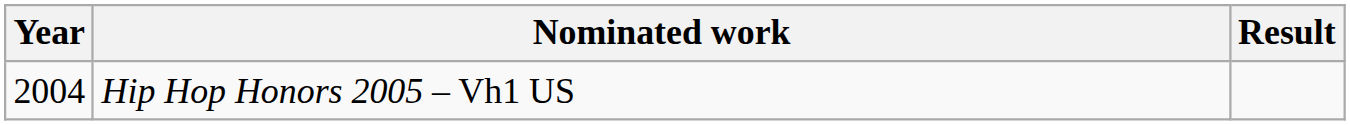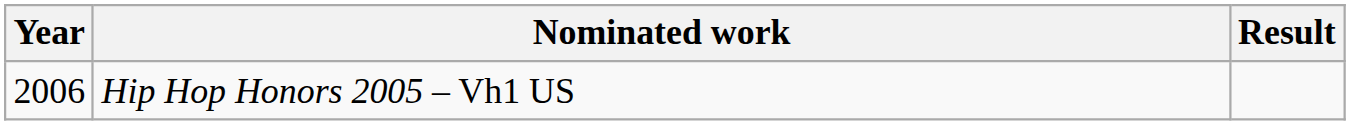 <table class="wikitable sortable plainrowheaders" style="margin-right: 0;">
 <tr>
 <th width="30”">Year</th>
 <th width="500">Nominated work</th>
 <th width="30">Result</th>
 </tr>
 <tr>
-<td scope="row">2004</td>
+<td scope="row">2006</td>
 <td><em>Hip Hop Honors 2005</em> – Vh1 US</td>
 <td></td>
 </tr>
 </table>
